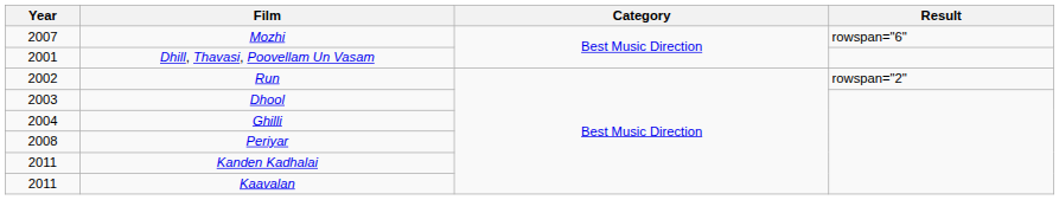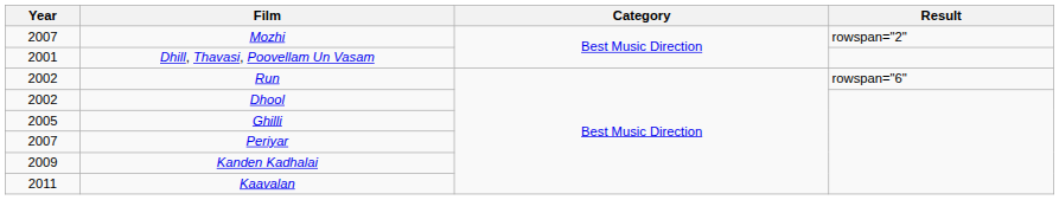 <table class="wikitable" style="width:100%;">
 <tr>
 <th width=5%>Year</th>
 <th style="width:25%;">Film</th>
 <th style="width:25%;">Category</th>
 <th style="width:15%;">Result</th>
 </tr>
 <tr>
 <td style="text-align:center;">2007</td>
 <td style="text-align:center;"><em><a href='#'>Mozhi</a></em></td>
 <td style="text-align:center;" rowspan="2"><a href='#'>Best Music Direction</a></td>
-<td>rowspan="6" </td>
+<td>rowspan="2" </td>
 </tr>
 <tr style="text-align:center;">
 <td>2001</td>
 <td><em><a href='#'>Dhill</a></em>, <em><a href='#'>Thavasi</a></em>, <em><a href='#'>Poovellam Un Vasam</a></em></td>
 </tr>
 <tr>
 <td style="text-align:center;">2002</td>
 <td style="text-align:center;"><em><a href='#'>Run</a></em></td>
 <td style="text-align:center;" rowspan="6"><a href='#'>Best Music Direction</a></td>
-<td>rowspan="2" </td>
+<td>rowspan="6" </td>
 </tr>
 <tr style="text-align:center;">
-<td>2003</td>
+<td>2002</td>
 <td><em><a href='#'>Dhool</a></em></td>
 </tr>
 <tr style="text-align:center;">
-<td>2004</td>
+<td>2005</td>
 <td><em><a href='#'>Ghilli</a></em></td>
 </tr>
 <tr>
-<td style="text-align:center;">2008</td>
+<td style="text-align:center;">2007</td>
 <td style="text-align:center;"><em><a href='#'>Periyar</a></em></td>
 </tr>
 <tr style="text-align:center;">
-<td>2011</td>
+<td>2009</td>
 <td><em><a href='#'>Kanden Kadhalai</a></em></td>
 </tr>
 <tr style="text-align:center;">
 <td>2011</td>
 <td><em><a href='#'>Kaavalan</a></em></td>
 </tr>
 </table>
